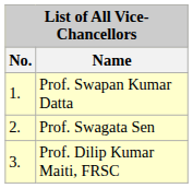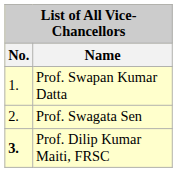 <table class="wikitable mw-collapsible mw-collapsed" style="margin-left:1em; font-size:100%; background:#ffc; color:black; width:20em; max-width:30%;"  cellspacing="0" cellpadding="0">
 <tr>
 <th style="background:#ccc;" colspan="2">List of All Vice-Chancellors</th>
 </tr>
 <tr>
 <th scope="col" style="width: 5%;">No.</th>
 <th scope="col" style="width: 95%;">Name</th>
 </tr>
 <tr>
 <td>1.</td>
 <td>Prof. Swapan Kumar Datta</td>
 </tr>
 <tr>
 <td>2.</td>
 <td>Prof. Swagata Sen</td>
 </tr>
 <tr>
-<td>3.</td>
+<td><strong>3.</strong></td>
 <td>Prof. Dilip Kumar Maiti, FRSC</td>
 </tr>
 </table>
